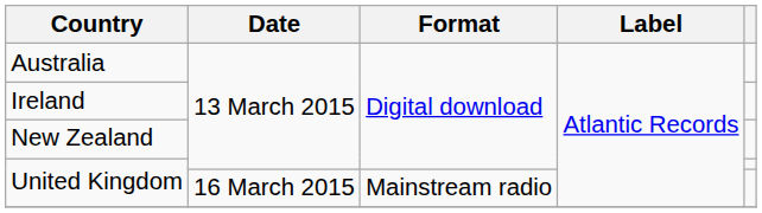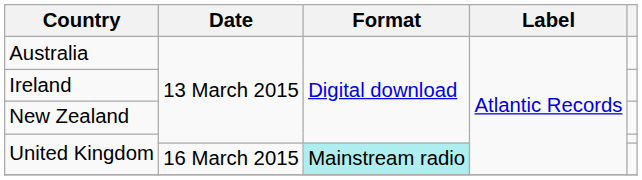 <table class="wikitable">
 <tr>
 <th>Country</th>
 <th>Date</th>
 <th>Format</th>
 <th>Label</th>
 <th></th>
 </tr>
 <tr>
 <td>Australia</td>
 <td rowspan="4">13 March 2015</td>
 <td rowspan="4"><a href='#'>Digital download</a></td>
 <td rowspan="5"><a href='#'>Atlantic Records</a></td>
 <td></td>
 </tr>
 <tr>
 <td>Ireland</td>
 <td></td>
 </tr>
 <tr>
 <td>New Zealand</td>
 <td></td>
 </tr>
 <tr>
 <td rowspan="2">United Kingdom</td>
 <td></td>
 </tr>
 <tr>
 <td>16 March 2015</td>
-<td>Mainstream radio</td>
+<td style="background: paleturquoise;">Mainstream radio</td>
 <td></td>
 </tr>
 <tr>
 </tr>
 </table>
